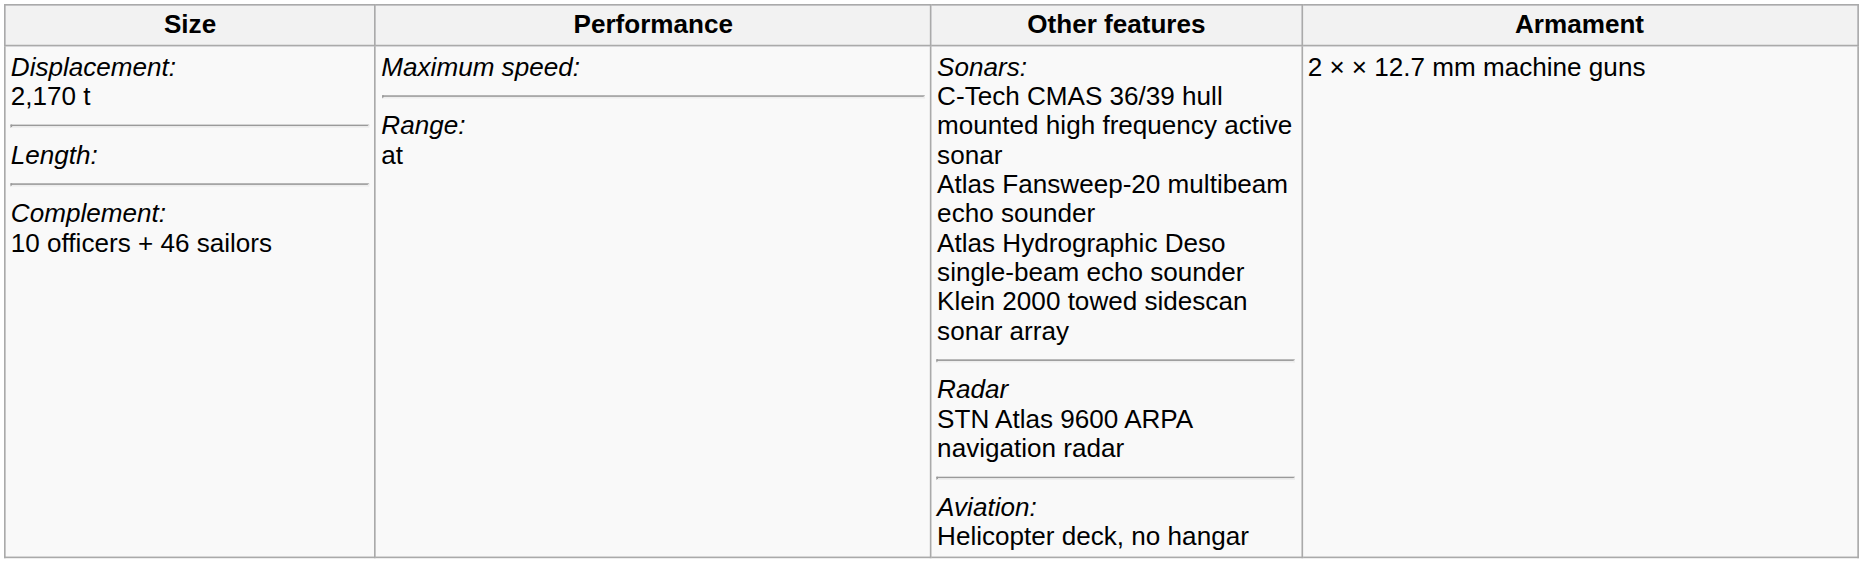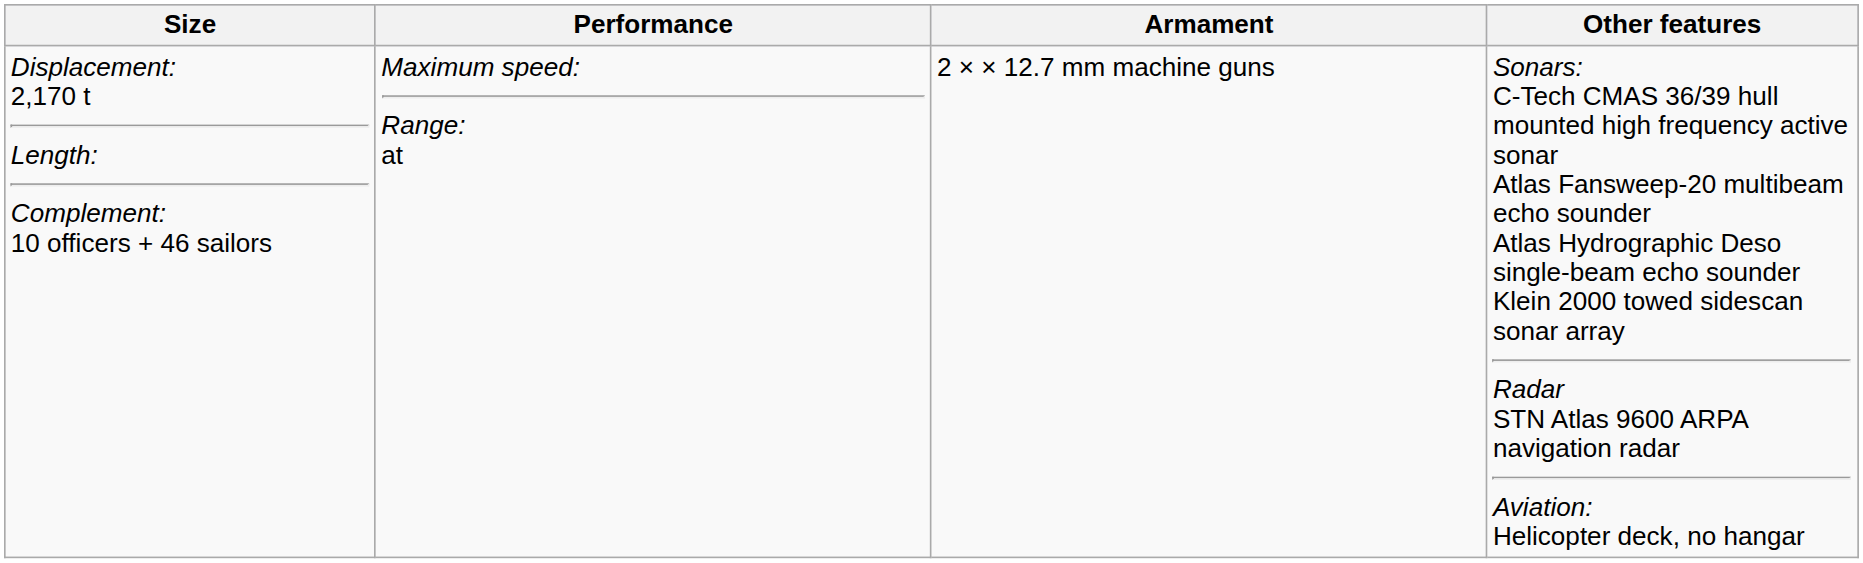 <table class="wikitable" width=90% style="text-align: left">
 <tr bgcolor=lavender>
 <th>Size</th>
 <th>Performance</th>
+<th>Armament</th>
 <th>Other features</th>
-<th>Armament</th>
 </tr>
 <tr>
 <td valign=top width=20%><em>Displacement:</em><br>2,170 t<hr><em>Length:</em><br><hr><em>Complement:</em><br>10 officers + 46 sailors</td>
 <td valign=top width=30%><em>Maximum speed:</em><br><hr><em>Range:</em><br> at </td>
+<td valign=top width=30%>2 ×  × 12.7 mm machine guns</td>
 <td valign=top width=20%><em>Sonars:</em><br>C-Tech CMAS 36/39 hull mounted high frequency active sonar<br>Atlas Fansweep-20 multibeam echo sounder<br>Atlas Hydrographic Deso single-beam echo sounder<br>Klein 2000 towed sidescan sonar array<hr><em>Radar</em><br>STN Atlas 9600 ARPA navigation radar<hr><em>Aviation:</em><br>Helicopter deck, no hangar</td>
-<td valign=top width=30%>2 ×  × 12.7 mm machine guns</td>
 </tr>
 </table>
